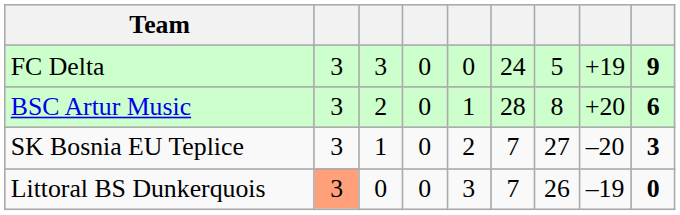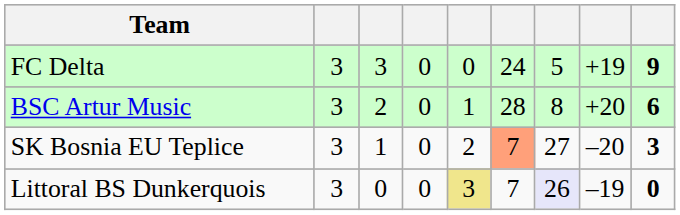 <table class="wikitable" style="text-align: center;">
 <tr>
 <th width="185">Team</th>
 <th width="20"></th>
 <th width="20"></th>
 <th width="20"></th>
 <th width="20"></th>
 <th width="20"></th>
 <th width="20"></th>
 <th width="25"></th>
 <th width="20"></th>
 </tr>
 <tr bgcolor=#ccffcc>
 <td align=left> FC Delta</td>
 <td>3</td>
 <td>3</td>
 <td>0</td>
 <td>0</td>
 <td>24</td>
 <td>5</td>
 <td>+19</td>
 <td><strong>9</strong></td>
 </tr>
 <tr bgcolor=#ccffcc>
 <td align=left> <a href='#'>BSC Artur Music</a></td>
 <td>3</td>
 <td>2</td>
 <td>0</td>
 <td>1</td>
 <td>28</td>
 <td>8</td>
 <td>+20</td>
 <td><strong>6</strong></td>
 </tr>
 <tr>
 <td align=left> SK Bosnia EU Teplice</td>
 <td>3</td>
 <td>1</td>
 <td>0</td>
 <td>2</td>
-<td>7</td>
+<td style="background: lightsalmon;">7</td>
 <td>27</td>
 <td>–20</td>
 <td><strong>3</strong></td>
 </tr>
 <tr>
 <td align=left> Littoral BS Dunkerquois</td>
-<td style="background: lightsalmon;">3</td>
+<td>3</td>
 <td>0</td>
 <td>0</td>
-<td>3</td>
+<td style="background: khaki;">3</td>
 <td>7</td>
-<td>26</td>
+<td style="background: lavender;">26</td>
 <td>–19</td>
 <td><strong>0</strong></td>
 </tr>
 </table>
